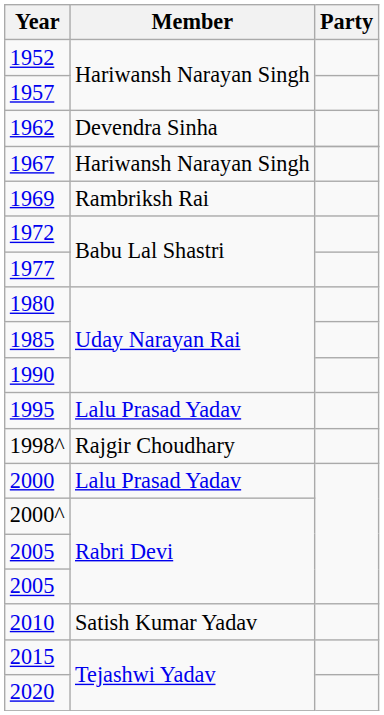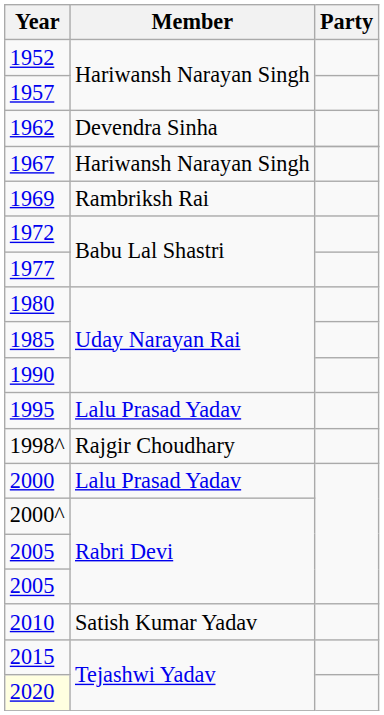 <table class="wikitable sortable">
 <tr>
 <th>Year</th>
 <th>Member</th>
 <th colspan="2">Party</th>
 </tr>
 <tr>
 <td><a href='#'>1952</a></td>
 <td rowspan="2">Hariwansh Narayan Singh</td>
 <td></td>
 </tr>
 <tr>
 <td><a href='#'>1957</a></td>
 </tr>
 <tr>
 <td><a href='#'>1962</a></td>
 <td>Devendra Sinha</td>
 <td></td>
 </tr>
 <tr>
 <td rowspan="2"><a href='#'>1967</a></td>
 </tr>
 <tr>
 <td>Hariwansh Narayan Singh</td>
 <td></td>
 </tr>
 <tr>
 <td><a href='#'>1969</a></td>
 <td>Rambriksh Rai</td>
 <td></td>
 </tr>
 <tr>
 <td><a href='#'>1972</a></td>
 <td rowspan="2">Babu Lal Shastri</td>
 <td></td>
 </tr>
 <tr>
 <td><a href='#'>1977</a></td>
 <td></td>
 </tr>
 <tr>
 <td><a href='#'>1980</a></td>
 <td rowspan="3"><a href='#'>Uday Narayan Rai</a></td>
 <td></td>
 </tr>
 <tr>
 <td><a href='#'>1985</a></td>
 <td></td>
 </tr>
 <tr>
 <td><a href='#'>1990</a></td>
 <td></td>
 </tr>
 <tr>
 <td><a href='#'>1995</a></td>
 <td><a href='#'>Lalu Prasad Yadav</a></td>
 </tr>
 <tr>
 <td>1998^</td>
 <td>Rajgir Choudhary</td>
 <td></td>
 </tr>
 <tr>
 <td><a href='#'>2000</a></td>
 <td><a href='#'>Lalu Prasad Yadav</a></td>
 </tr>
 <tr>
 <td>2000^</td>
 <td rowspan=3><a href='#'>Rabri Devi</a></td>
 </tr>
 <tr>
 <td><a href='#'>2005</a></td>
 </tr>
 <tr>
 <td><a href='#'>2005</a></td>
 </tr>
 <tr>
 <td><a href='#'>2010</a></td>
 <td>Satish Kumar Yadav</td>
 <td></td>
 </tr>
 <tr>
 <td><a href='#'>2015</a></td>
 <td rowspan="2"><a href='#'>Tejashwi Yadav</a></td>
 <td></td>
 </tr>
 <tr>
-<td><a href='#'>2020</a></td>
+<td style="background: lightyellow;"><a href='#'>2020</a></td>
 </tr>
 </table>
